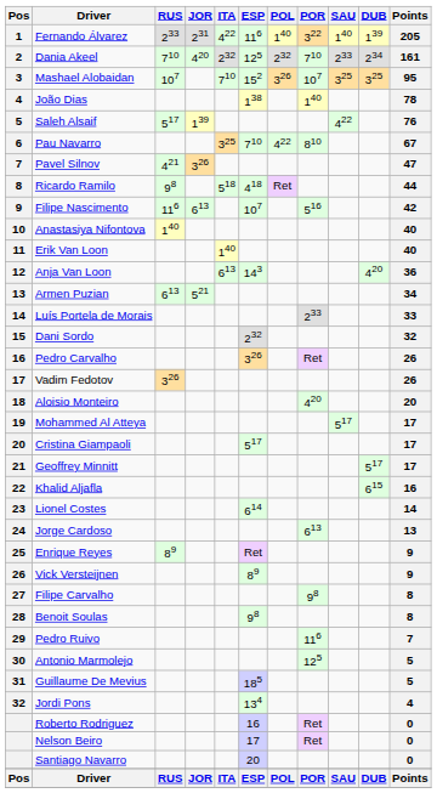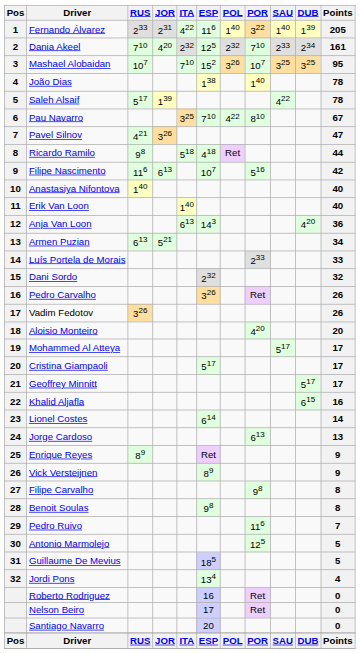 <table class="wikitable" style="font-size: 85%; text-align: center; display: inline-table;">
 <tr valign="top">
 <th valign="middle">Pos</th>
 <th valign="middle">Driver</th>
 <th><a href='#'>RUS</a><br></th>
 <th><a href='#'>JOR</a><br></th>
 <th><a href='#'>ITA</a><br></th>
 <th><a href='#'>ESP</a><br></th>
 <th><a href='#'>POL</a><br></th>
 <th><a href='#'>POR</a><br></th>
 <th><a href='#'>SAU</a><br></th>
 <th><a href='#'>DUB</a><br></th>
 <th valign="middle">Points</th>
 </tr>
 <tr>
 <th>1</th>
 <td align=left> <a href='#'>Fernando Álvarez</a></td>
 <td style="background:#dfdfdf;">2<sup>33</sup></td>
 <td style="background:#dfdfdf;">2<sup>31</sup></td>
 <td style="background:#dfffdf;">4<sup>22</sup></td>
 <td style="background:#dfffdf;">11<sup>6</sup></td>
 <td style="background:#ffffbf;">1<sup>40</sup></td>
 <td style="background:#ffdf9f;">3<sup>22</sup></td>
 <td style="background:#ffffbf;">1<sup>40</sup></td>
 <td style="background:#ffffbf;">1<sup>39</sup></td>
 <th>205</th>
 </tr>
 <tr>
 <th>2</th>
 <td align=left> <a href='#'>Dania Akeel</a></td>
 <td style="background:#dfffdf;">7<sup>10</sup></td>
 <td style="background:#dfffdf;">4<sup>20</sup></td>
 <td style="background:#dfdfdf;">2<sup>32</sup></td>
 <td style="background:#dfffdf;">12<sup>5</sup></td>
 <td style="background:#dfdfdf;">2<sup>32</sup></td>
 <td style="background:#dfffdf;">7<sup>10</sup></td>
 <td style="background:#dfdfdf;">2<sup>33</sup></td>
 <td style="background:#dfdfdf;">2<sup>34</sup></td>
 <th>161</th>
 </tr>
 <tr>
 <th>3</th>
 <td align=left> <a href='#'>Mashael Alobaidan</a></td>
 <td style="background:#dfffdf;">10<sup>7</sup></td>
 <td></td>
 <td style="background:#dfffdf;">7<sup>10</sup></td>
 <td style="background:#dfffdf;">15<sup>2</sup></td>
 <td style="background:#ffdf9f;">3<sup>26</sup></td>
 <td style="background:#dfffdf;">10<sup>7</sup></td>
 <td style="background:#ffdf9f;">3<sup>25</sup></td>
 <td style="background:#ffdf9f;">3<sup>25</sup></td>
 <th>95</th>
 </tr>
 <tr>
 <th>4</th>
 <td align=left> <a href='#'>João Dias</a></td>
 <td></td>
 <td></td>
 <td></td>
 <td style="background:#ffffbf;">1<sup>38</sup></td>
 <td></td>
 <td style="background:#ffffbf;">1<sup>40</sup></td>
 <td></td>
 <td></td>
 <th>78</th>
 </tr>
 <tr>
 <th>5</th>
 <td align=left> <a href='#'>Saleh Alsaif</a></td>
 <td style="background:#dfffdf;">5<sup>17</sup></td>
 <td style="background:#ffffbf;">1<sup>39</sup></td>
 <td></td>
 <td></td>
 <td></td>
 <td></td>
 <td style="background:#dfffdf;">4<sup>22</sup></td>
 <td></td>
-<th>76</th>
+<th>78</th>
 </tr>
 <tr>
 <th>6</th>
 <td align=left> <a href='#'>Pau Navarro</a></td>
 <td></td>
 <td></td>
 <td style="background:#ffdf9f;">3<sup>25</sup></td>
 <td style="background:#dfffdf;">7<sup>10</sup></td>
 <td style="background:#dfffdf;">4<sup>22</sup></td>
 <td style="background:#dfffdf;">8<sup>10</sup></td>
 <td></td>
 <td></td>
 <th>67</th>
 </tr>
 <tr>
 <th>7</th>
 <td align=left> <a href='#'>Pavel Silnov</a></td>
 <td style="background:#dfffdf;">4<sup>21</sup></td>
 <td style="background:#ffdf9f;">3<sup>26</sup></td>
 <td></td>
 <td></td>
 <td></td>
 <td></td>
 <td></td>
 <td></td>
 <th>47</th>
 </tr>
 <tr>
 <th>8</th>
 <td align=left> <a href='#'>Ricardo Ramilo</a></td>
 <td style="background:#dfffdf;">9<sup>8</sup></td>
 <td></td>
 <td style="background:#dfffdf;">5<sup>18</sup></td>
 <td style="background:#dfffdf;">4<sup>18</sup></td>
 <td style="background:#efcfff;">Ret</td>
 <td></td>
 <td></td>
 <td></td>
 <th>44</th>
 </tr>
 <tr>
 <th>9</th>
 <td align=left> <a href='#'>Filipe Nascimento</a></td>
 <td style="background:#dfffdf;">11<sup>6</sup></td>
 <td style="background:#dfffdf;">6<sup>13</sup></td>
 <td></td>
 <td style="background:#dfffdf;">10<sup>7</sup></td>
 <td></td>
 <td style="background:#dfffdf;">5<sup>16</sup></td>
 <td></td>
 <td></td>
 <th>42</th>
 </tr>
 <tr>
 <th>10</th>
 <td align=left> <a href='#'>Anastasiya Nifontova</a></td>
 <td style="background:#ffffbf;">1<sup>40</sup></td>
 <td></td>
 <td></td>
 <td></td>
 <td></td>
 <td></td>
 <td></td>
 <td></td>
 <th>40</th>
 </tr>
 <tr>
 <th>11</th>
 <td align=left> <a href='#'>Erik Van Loon</a></td>
 <td></td>
 <td></td>
 <td style="background:#ffffbf;">1<sup>40</sup></td>
 <td></td>
 <td></td>
 <td></td>
 <td></td>
 <td></td>
 <th>40</th>
 </tr>
 <tr>
 <th>12</th>
 <td align=left> <a href='#'>Anja Van Loon</a></td>
 <td></td>
 <td></td>
 <td style="background:#dfffdf;">6<sup>13</sup></td>
 <td style="background:#dfffdf;">14<sup>3</sup></td>
 <td></td>
 <td></td>
 <td></td>
 <td style="background:#dfffdf;">4<sup>20</sup></td>
 <th>36</th>
 </tr>
 <tr>
 <th>13</th>
 <td align=left> <a href='#'>Armen Puzian</a></td>
 <td style="background:#dfffdf;">6<sup>13</sup></td>
 <td style="background:#dfffdf;">5<sup>21</sup></td>
 <td></td>
 <td></td>
 <td></td>
 <td></td>
 <td></td>
 <td></td>
 <th>34</th>
 </tr>
 <tr>
 <th>14</th>
 <td align=left> <a href='#'>Luís Portela de Morais</a></td>
 <td></td>
 <td></td>
 <td></td>
 <td></td>
 <td></td>
 <td style="background:#dfdfdf;">2<sup>33</sup></td>
 <td></td>
 <td></td>
 <th>33</th>
 </tr>
 <tr>
 <th>15</th>
 <td align=left> <a href='#'>Dani Sordo</a></td>
 <td></td>
 <td></td>
 <td></td>
 <td style="background:#dfdfdf;">2<sup>32</sup></td>
 <td></td>
 <td></td>
 <td></td>
 <td></td>
 <th>32</th>
 </tr>
 <tr>
 <th>16</th>
 <td align=left> <a href='#'>Pedro Carvalho</a></td>
 <td></td>
 <td></td>
 <td></td>
 <td style="background:#ffdf9f;">3<sup>26</sup></td>
 <td></td>
 <td style="background:#efcfff;">Ret</td>
 <td></td>
 <td></td>
 <th>26</th>
 </tr>
 <tr>
 <th>17</th>
 <td align=left> Vadim Fedotov</td>
 <td style="background:#ffdf9f;">3<sup>26</sup></td>
 <td></td>
 <td></td>
 <td></td>
 <td></td>
 <td></td>
 <td></td>
 <td></td>
 <th>26</th>
 </tr>
 <tr>
 <th>18</th>
 <td align=left> <a href='#'>Aloisio Monteiro</a></td>
 <td></td>
 <td></td>
 <td></td>
 <td></td>
 <td></td>
 <td style="background:#dfffdf;">4<sup>20</sup></td>
 <td></td>
 <td></td>
 <th>20</th>
 </tr>
 <tr>
 <th>19</th>
 <td align=left> <a href='#'>Mohammed Al Atteya</a></td>
 <td></td>
 <td></td>
 <td></td>
 <td></td>
 <td></td>
 <td></td>
 <td style="background:#dfffdf;">5<sup>17</sup></td>
 <td></td>
 <th>17</th>
 </tr>
 <tr>
 <th>20</th>
 <td align=left> <a href='#'>Cristina Giampaoli</a></td>
 <td></td>
 <td></td>
 <td></td>
 <td style="background:#dfffdf;">5<sup>17</sup></td>
 <td></td>
 <td></td>
 <td></td>
 <td></td>
 <th>17</th>
 </tr>
 <tr>
 <th>21</th>
 <td align=left> <a href='#'>Geoffrey Minnitt</a></td>
 <td></td>
 <td></td>
 <td></td>
 <td></td>
 <td></td>
 <td></td>
 <td></td>
 <td style="background:#dfffdf;">5<sup>17</sup></td>
 <th>17</th>
 </tr>
 <tr>
 <th>22</th>
 <td align=left> <a href='#'>Khalid Aljafla</a></td>
 <td></td>
 <td></td>
 <td></td>
 <td></td>
 <td></td>
 <td></td>
 <td></td>
 <td style="background:#dfffdf;">6<sup>15</sup></td>
 <th>16</th>
 </tr>
 <tr>
 <th>23</th>
 <td align=left> <a href='#'>Lionel Costes</a></td>
 <td></td>
 <td></td>
 <td></td>
 <td style="background:#dfffdf;">6<sup>14</sup></td>
 <td></td>
 <td></td>
 <td></td>
 <td></td>
 <th>14</th>
 </tr>
 <tr>
 <th>24</th>
 <td align=left> <a href='#'>Jorge Cardoso</a></td>
 <td></td>
 <td></td>
 <td></td>
 <td></td>
 <td></td>
 <td style="background:#dfffdf;">6<sup>13</sup></td>
 <td></td>
 <td></td>
 <th>13</th>
 </tr>
 <tr>
 <th>25</th>
 <td align=left> <a href='#'>Enrique Reyes</a></td>
 <td style="background:#dfffdf;">8<sup>9</sup></td>
 <td></td>
 <td></td>
 <td style="background:#efcfff;">Ret</td>
 <td></td>
 <td></td>
 <td></td>
 <td></td>
 <th>9</th>
 </tr>
 <tr>
 <th>26</th>
 <td align=left> <a href='#'>Vick Versteijnen</a></td>
 <td></td>
 <td></td>
 <td></td>
 <td style="background:#dfffdf;">8<sup>9</sup></td>
 <td></td>
 <td></td>
 <td></td>
 <td></td>
 <th>9</th>
 </tr>
 <tr>
 <th>27</th>
 <td align=left> <a href='#'>Filipe Carvalho</a></td>
 <td></td>
 <td></td>
 <td></td>
 <td></td>
 <td></td>
 <td style="background:#dfffdf;">9<sup>8</sup></td>
 <td></td>
 <td></td>
 <th>8</th>
 </tr>
 <tr>
 <th>28</th>
 <td align=left> <a href='#'>Benoit Soulas</a></td>
 <td></td>
 <td></td>
 <td></td>
 <td style="background:#dfffdf;">9<sup>8</sup></td>
 <td></td>
 <td></td>
 <td></td>
 <td></td>
 <th>8</th>
 </tr>
 <tr>
 <th>29</th>
 <td align=left> <a href='#'>Pedro Ruivo</a></td>
 <td></td>
 <td></td>
 <td></td>
 <td></td>
 <td></td>
 <td style="background:#dfffdf;">11<sup>6</sup></td>
 <td></td>
 <td></td>
 <th>7</th>
 </tr>
 <tr>
 <th>30</th>
 <td align=left> <a href='#'>Antonio Marmolejo</a></td>
 <td></td>
 <td></td>
 <td></td>
 <td></td>
 <td></td>
 <td style="background:#dfffdf;">12<sup>5</sup></td>
 <td></td>
 <td></td>
 <th>5</th>
 </tr>
 <tr>
 <th>31</th>
 <td align=left> <a href='#'>Guillaume De Mevius</a></td>
 <td></td>
 <td></td>
 <td></td>
 <td style="background:#cfcfff;">18<sup>5</sup></td>
 <td></td>
 <td></td>
 <td></td>
 <td></td>
 <th>5</th>
 </tr>
 <tr>
 <th>32</th>
 <td align=left> <a href='#'>Jordi Pons</a></td>
 <td></td>
 <td></td>
 <td></td>
 <td style="background:#dfffdf;">13<sup>4</sup></td>
 <td></td>
 <td></td>
 <td></td>
 <td></td>
 <th>4</th>
 </tr>
 <tr>
 <th></th>
 <td align=left> <a href='#'>Roberto Rodriguez</a></td>
 <td></td>
 <td></td>
 <td></td>
 <td style="background:#cfcfff;">16</td>
 <td></td>
 <td style="background:#efcfff;">Ret</td>
 <td></td>
 <td></td>
 <th>0</th>
 </tr>
 <tr>
 <th></th>
 <td align=left> <a href='#'>Nelson Beiro</a></td>
 <td></td>
 <td></td>
 <td></td>
 <td style="background:#cfcfff;">17</td>
 <td></td>
 <td style="background:#efcfff;">Ret</td>
 <td></td>
 <td></td>
 <th>0</th>
 </tr>
 <tr>
 <th></th>
 <td align=left> <a href='#'>Santiago Navarro</a></td>
 <td></td>
 <td></td>
 <td></td>
 <td style="background:#cfcfff;">20</td>
 <td></td>
 <td></td>
 <td></td>
 <td></td>
 <th>0</th>
 </tr>
 <tr>
 </tr>
 <tr valign="top">
 <th valign="middle">Pos</th>
 <th valign="middle">Driver</th>
 <th><a href='#'>RUS</a><br></th>
 <th><a href='#'>JOR</a><br></th>
 <th><a href='#'>ITA</a><br></th>
 <th><a href='#'>ESP</a><br></th>
 <th><a href='#'>POL</a><br></th>
 <th><a href='#'>POR</a><br></th>
 <th><a href='#'>SAU</a><br></th>
 <th><a href='#'>DUB</a><br></th>
 <th valign="middle">Points</th>
 </tr>
 <tr>
 </tr>
 </table>
